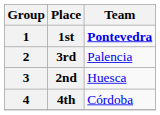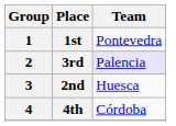 <table class="wikitable">
 <tr>
 <th>Group</th>
 <th>Place</th>
 <th>Team</th>
 </tr>
 <tr>
 <th>1</th>
 <th>1st</th>
-<td><strong><a href='#'>Pontevedra</a></strong></td>
+<td><a href='#'>Pontevedra</a></td>
 </tr>
 <tr>
 <th>2</th>
 <th>3rd</th>
-<td><a href='#'>Palencia</a></td>
+<td style="background: lavender;"><a href='#'>Palencia</a></td>
 </tr>
 <tr>
 <th>3</th>
 <th>2nd</th>
 <td><a href='#'>Huesca</a></td>
 </tr>
 <tr>
 <th>4</th>
 <th>4th</th>
 <td><a href='#'>Córdoba</a></td>
 </tr>
 <tr>
 </tr>
 </table>
